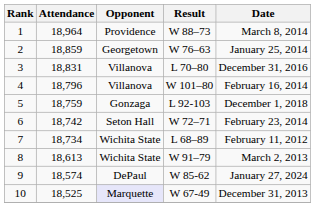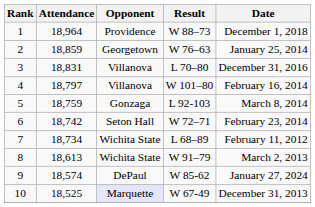 <table class=wikitable style="text-align:center">
 <tr>
 <th>Rank</th>
 <th>Attendance</th>
 <th>Opponent</th>
 <th>Result</th>
 <th>Date</th>
 </tr>
 <tr>
 <td>1</td>
 <td>18,964</td>
 <td>Providence</td>
 <td>W 88–73</td>
-<td align=right>March 8, 2014</td>
+<td align=right>December 1, 2018</td>
 </tr>
 <tr>
 <td>2</td>
 <td>18,859</td>
 <td>Georgetown</td>
 <td>W 76–63</td>
 <td align=right>January 25, 2014</td>
 </tr>
 <tr>
 <td>3</td>
 <td>18,831</td>
 <td>Villanova</td>
 <td>L 70–80</td>
 <td align=right>December 31, 2016</td>
 </tr>
 <tr>
 <td>4</td>
-<td>18,796</td>
+<td>18,797</td>
 <td>Villanova</td>
 <td>W 101–80</td>
 <td align=right>February 16, 2014</td>
 </tr>
 <tr>
 <td>5</td>
 <td>18,759</td>
 <td>Gonzaga</td>
 <td>L 92-103</td>
-<td align=right>December 1, 2018</td>
+<td align=right>March 8, 2014</td>
 </tr>
 <tr>
 <td>6</td>
 <td>18,742</td>
 <td>Seton Hall</td>
 <td>W 72–71</td>
 <td align=right>February 23, 2014</td>
 </tr>
 <tr>
 <td>7</td>
 <td>18,734</td>
 <td>Wichita State</td>
 <td>L 68–89</td>
 <td align=right>February 11, 2012</td>
 </tr>
 <tr>
 <td>8</td>
 <td>18,613</td>
 <td>Wichita State</td>
 <td>W 91–79</td>
 <td align=right>March 2, 2013</td>
 </tr>
 <tr>
 <td>9</td>
 <td>18,574</td>
 <td>DePaul</td>
 <td>W 85-62</td>
 <td align=right>January 27, 2024</td>
 </tr>
 <tr>
 <td>10</td>
 <td>18,525</td>
 <td style="background: lavender;">Marquette</td>
 <td>W 67-49</td>
 <td align=right>December 31, 2013</td>
 </tr>
 <tr>
 </tr>
 </table>
